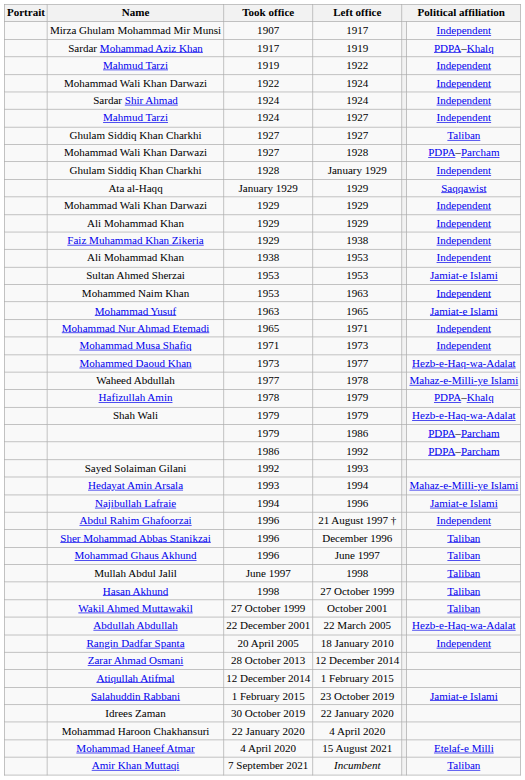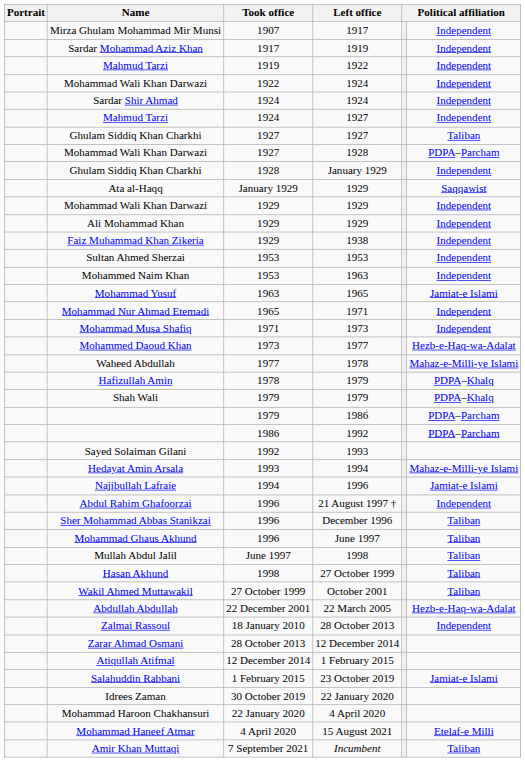 <table class="wikitable sortable" style="text-align:center">
 <tr>
 <th>Portrait</th>
 <th>Name</th>
 <th>Took office</th>
 <th>Left office</th>
 <th colspan="2">Political affiliation</th>
 </tr>
 <tr>
 <td></td>
 <td>Mirza Ghulam Mohammad Mir Munsi</td>
 <td>1907</td>
 <td>1917</td>
 <th style="background:"></th>
 <td><a href='#'>Independent</a></td>
 </tr>
 <tr>
 <td></td>
 <td>Sardar <a href='#'>Mohammad Aziz Khan</a></td>
 <td>1917</td>
 <td>1919</td>
 <th style="background:"></th>
-<td><a href='#'>PDPA</a>–<a href='#'>Khalq</a></td>
+<td><a href='#'>Independent</a></td>
 </tr>
 <tr>
 <td></td>
 <td><a href='#'>Mahmud Tarzi</a></td>
 <td>1919</td>
 <td>1922</td>
 <th style="background:"></th>
 <td><a href='#'>Independent</a></td>
 </tr>
 <tr>
 <td></td>
 <td>Mohammad Wali Khan Darwazi</td>
 <td>1922</td>
 <td>1924</td>
 <th style="background:"></th>
 <td><a href='#'>Independent</a></td>
 </tr>
 <tr>
 <td></td>
 <td>Sardar <a href='#'>Shir Ahmad</a><br></td>
 <td>1924</td>
 <td>1924</td>
 <th style="background:"></th>
 <td><a href='#'>Independent</a></td>
 </tr>
 <tr>
 <td></td>
 <td><a href='#'>Mahmud Tarzi</a></td>
 <td>1924</td>
 <td>1927</td>
 <th style="background:"></th>
 <td><a href='#'>Independent</a></td>
 </tr>
 <tr>
 <td></td>
 <td>Ghulam Siddiq Khan Charkhi<br></td>
 <td>1927</td>
 <td>1927</td>
 <th style="background:"></th>
 <td><a href='#'>Taliban</a></td>
 </tr>
 <tr>
 <td></td>
 <td>Mohammad Wali Khan Darwazi<br></td>
 <td>1927</td>
 <td>1928</td>
 <th style="background:"></th>
 <td><a href='#'>PDPA</a>–<a href='#'>Parcham</a></td>
 </tr>
 <tr>
 <td></td>
 <td>Ghulam Siddiq Khan Charkhi</td>
 <td>1928</td>
 <td>January 1929</td>
 <th style="background:"></th>
 <td><a href='#'>Independent</a></td>
 </tr>
 <tr>
 <td></td>
 <td>Ata al-Haqq</td>
 <td>January 1929</td>
 <td>1929</td>
 <th style="background:"></th>
 <td><a href='#'>Saqqawist</a></td>
 </tr>
 <tr>
 <td></td>
 <td>Mohammad Wali Khan Darwazi<br></td>
 <td>1929</td>
 <td>1929</td>
 <th style="background:"></th>
 <td><a href='#'>Independent</a></td>
 </tr>
 <tr>
 <td></td>
 <td>Ali Mohammad Khan<br></td>
 <td>1929</td>
 <td>1929</td>
 <th style="background:"></th>
 <td><a href='#'>Independent</a></td>
 </tr>
 <tr>
 <td></td>
 <td><a href='#'>Faiz Muhammad Khan Zikeria</a></td>
 <td>1929</td>
 <td>1938</td>
 <th style="background:"></th>
 <td><a href='#'>Independent</a></td>
 </tr>
 <tr>
 <td></td>
-<td>Ali Mohammad Khan</td>
-<td>1938</td>
-<td>1953</td>
-<th style="background:"></th>
-<td><a href='#'>Independent</a></td>
-</tr>
-<tr>
-<td></td>
 <td>Sultan Ahmed Sherzai</td>
 <td>1953</td>
 <td>1953</td>
 <th style="background:"></th>
-<td><a href='#'>Jamiat-e Islami</a></td>
+<td><a href='#'>Independent</a></td>
 </tr>
 <tr>
 <td></td>
 <td>Mohammed Naim Khan</td>
 <td>1953</td>
 <td>1963</td>
 <th style="background:"></th>
 <td><a href='#'>Independent</a></td>
 </tr>
 <tr>
 <td></td>
 <td><a href='#'>Mohammad Yusuf</a></td>
 <td>1963</td>
 <td>1965</td>
 <th style="background:"></th>
 <td><a href='#'>Jamiat-e Islami</a></td>
 </tr>
 <tr>
 <td></td>
 <td><a href='#'>Mohammad Nur Ahmad Etemadi</a></td>
 <td>1965</td>
 <td>1971</td>
 <th style="background:"></th>
 <td><a href='#'>Independent</a></td>
 </tr>
 <tr>
 <td></td>
 <td><a href='#'>Mohammad Musa Shafiq</a></td>
 <td>1971</td>
 <td>1973</td>
 <th style="background:"></th>
 <td><a href='#'>Independent</a></td>
 </tr>
 <tr>
 <td></td>
 <td><a href='#'>Mohammed Daoud Khan</a></td>
 <td>1973</td>
 <td>1977</td>
 <th style="background:"></th>
 <td><a href='#'>Hezb-e-Haq-wa-Adalat</a></td>
 </tr>
 <tr>
 <td></td>
 <td>Waheed Abdullah</td>
 <td>1977</td>
 <td>1978</td>
 <th style="background:"></th>
 <td><a href='#'>Mahaz-e-Milli-ye Islami</a></td>
 </tr>
 <tr>
 <td></td>
 <td><a href='#'>Hafizullah Amin</a></td>
 <td>1978</td>
 <td>1979</td>
 <th style="background:"></th>
 <td><a href='#'>PDPA</a>–<a href='#'>Khalq</a></td>
 </tr>
 <tr>
 <td></td>
 <td>Shah Wali</td>
 <td>1979</td>
 <td>1979</td>
 <th style="background:"></th>
-<td><a href='#'>Hezb-e-Haq-wa-Adalat</a></td>
+<td><a href='#'>PDPA</a>–<a href='#'>Khalq</a></td>
 </tr>
 <tr>
 <td></td>
 <td></td>
 <td>1979</td>
 <td>1986</td>
 <th style="background:"></th>
 <td><a href='#'>PDPA</a>–<a href='#'>Parcham</a></td>
 </tr>
 <tr>
 <td></td>
 <td></td>
 <td>1986</td>
 <td>1992</td>
 <th style="background:"></th>
 <td><a href='#'>PDPA</a>–<a href='#'>Parcham</a></td>
 </tr>
 <tr>
 <td></td>
 <td>Sayed Solaiman Gilani</td>
 <td>1992</td>
 <td>1993</td>
 <th style="background:"></th>
 <td></td>
 </tr>
 <tr>
 <td></td>
 <td><a href='#'>Hedayat Amin Arsala</a></td>
 <td>1993</td>
 <td>1994</td>
 <th style="background:"></th>
 <td><a href='#'>Mahaz-e-Milli-ye Islami</a></td>
 </tr>
 <tr>
 <td></td>
 <td><a href='#'>Najibullah Lafraie</a></td>
 <td>1994</td>
 <td>1996</td>
 <th style="background:"></th>
 <td><a href='#'>Jamiat-e Islami</a></td>
 </tr>
 <tr>
 <td></td>
 <td><a href='#'>Abdul Rahim Ghafoorzai</a></td>
 <td>1996</td>
 <td>21 August 1997 †</td>
 <th style="background:"></th>
 <td><a href='#'>Independent</a></td>
 </tr>
 <tr>
 <td></td>
 <td><a href='#'>Sher Mohammad Abbas Stanikzai</a><br></td>
 <td>1996</td>
 <td>December 1996</td>
 <th style="background:"></th>
 <td><a href='#'>Taliban</a></td>
 </tr>
 <tr>
 <td></td>
 <td><a href='#'>Mohammad Ghaus Akhund</a></td>
 <td>1996</td>
 <td>June 1997</td>
 <th style="background:"></th>
 <td><a href='#'>Taliban</a></td>
 </tr>
 <tr>
 <td></td>
 <td>Mullah Abdul Jalil</td>
 <td>June 1997</td>
 <td>1998</td>
 <th style="background:"></th>
 <td><a href='#'>Taliban</a></td>
 </tr>
 <tr>
 <td></td>
 <td><a href='#'>Hasan Akhund</a></td>
 <td>1998</td>
 <td>27 October 1999</td>
 <th style="background:"></th>
 <td><a href='#'>Taliban</a></td>
 </tr>
 <tr>
 <td></td>
 <td><a href='#'>Wakil Ahmed Muttawakil</a></td>
 <td>27 October 1999</td>
 <td>October 2001</td>
 <th style="background:"></th>
 <td><a href='#'>Taliban</a></td>
 </tr>
 <tr>
 <td></td>
 <td><a href='#'>Abdullah Abdullah</a></td>
 <td>22 December 2001</td>
 <td>22 March 2005</td>
 <th style="background:"></th>
 <td><a href='#'>Hezb-e-Haq-wa-Adalat</a></td>
 </tr>
 <tr>
 <td></td>
-<td><a href='#'>Rangin Dadfar Spanta</a></td>
-<td>20 April 2005</td>
+<td><a href='#'>Zalmai Rassoul</a></td>
 <td>18 January 2010</td>
+<td>28 October 2013</td>
 <th style="background:"></th>
 <td><a href='#'>Independent</a></td>
 </tr>
 <tr>
 <td></td>
 <td><a href='#'>Zarar Ahmad Osmani</a></td>
 <td>28 October 2013</td>
 <td>12 December 2014</td>
 <th style="background:"></th>
 <td></td>
 </tr>
 <tr>
 <td></td>
 <td><a href='#'>Atiqullah Atifmal</a><br></td>
 <td>12 December 2014</td>
 <td>1 February 2015</td>
 <th style="background:"></th>
 <td></td>
 </tr>
 <tr>
 <td></td>
 <td><a href='#'>Salahuddin Rabbani</a></td>
 <td>1 February 2015</td>
 <td>23 October 2019</td>
 <th style="background:"></th>
 <td><a href='#'>Jamiat-e Islami</a></td>
 </tr>
 <tr>
 <td></td>
 <td>Idrees Zaman<br></td>
 <td>30 October 2019</td>
 <td>22 January 2020</td>
 <th style="background:"></th>
 <td></td>
 </tr>
 <tr>
 <td></td>
 <td>Mohammad Haroon Chakhansuri<br></td>
 <td>22 January 2020</td>
 <td>4 April 2020</td>
 <th style="background:"></th>
 <td></td>
 </tr>
 <tr>
 <td></td>
 <td><a href='#'>Mohammad Haneef Atmar</a></td>
 <td>4 April 2020</td>
 <td>15 August 2021</td>
 <th style="background:"></th>
 <td><a href='#'>Etelaf-e Milli</a></td>
 </tr>
 <tr>
 <td></td>
 <td><a href='#'>Amir Khan Muttaqi</a><br></td>
 <td>7 September 2021</td>
 <td><em>Incumbent</em></td>
 <th style="background:"></th>
 <td><a href='#'>Taliban</a></td>
 </tr>
 </table>
